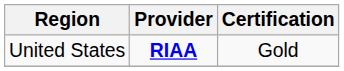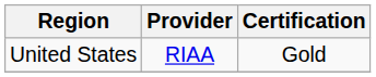 <table class="wikitable" style="text-align:center;">
 <tr>
 <th>Region</th>
 <th>Provider</th>
 <th>Certification</th>
 </tr>
 <tr>
 <td>United States</td>
-<td><strong><a href='#'>RIAA</a></strong></td>
+<td><a href='#'>RIAA</a></td>
 <td>Gold</td>
 </tr>
 <tr>
 </tr>
 </table>
